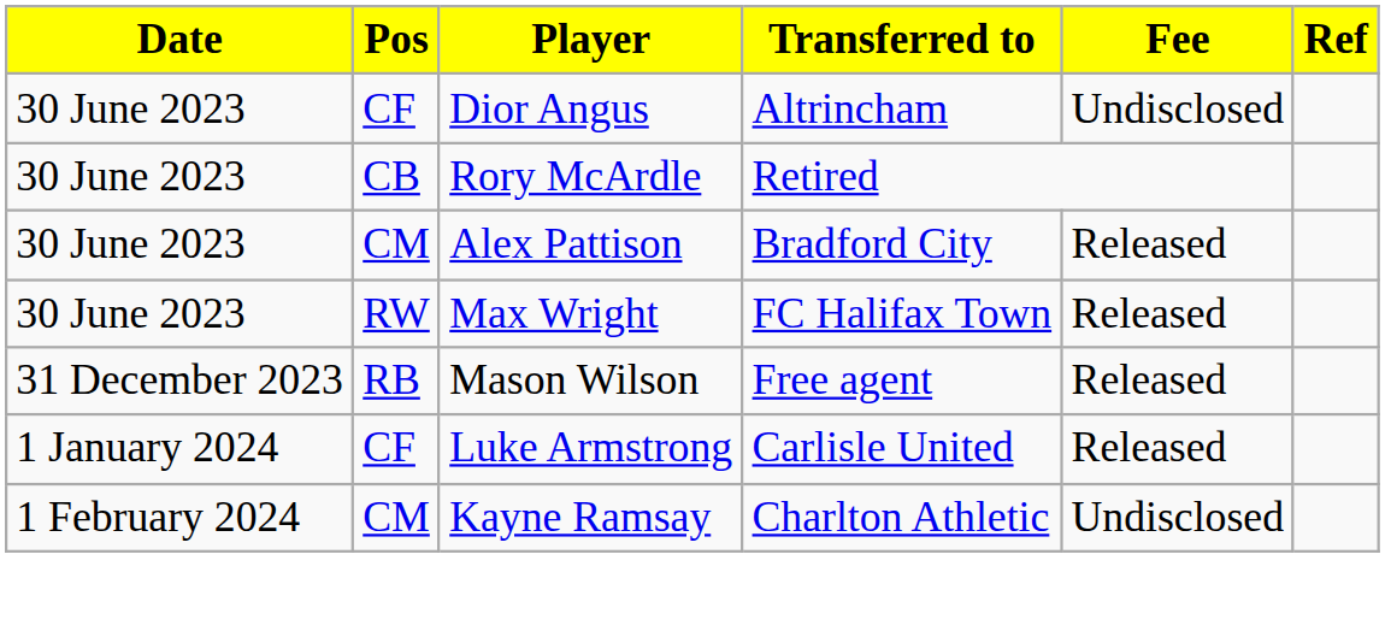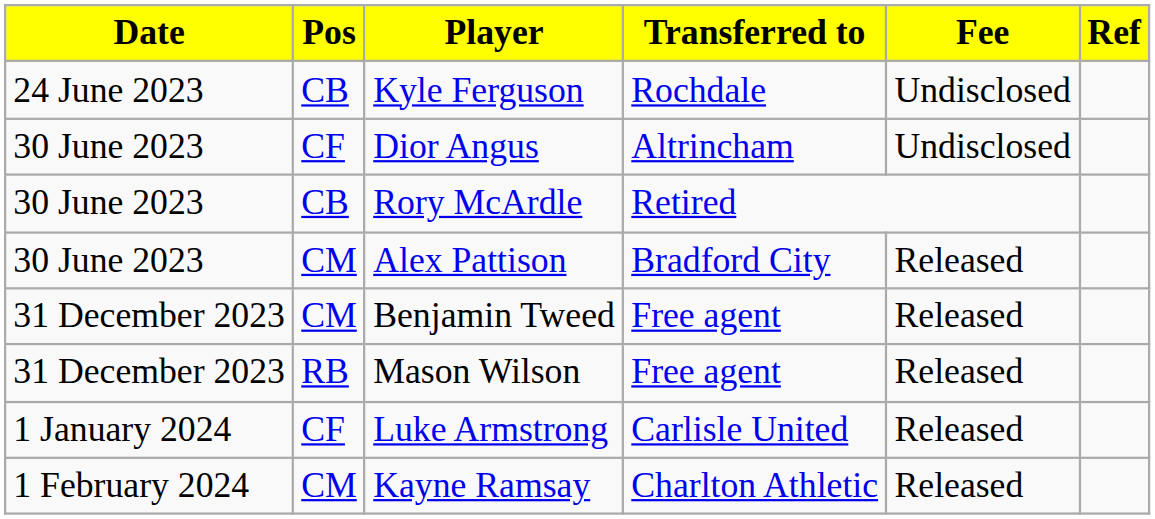 <table class="wikitable plainrowheaders sortable">
 <tr>
 <th style="background: yellow; color: black; ">Date</th>
 <th style="background: yellow; color: black; ">Pos</th>
 <th style="background: yellow; color: black; ">Player</th>
 <th style="background: yellow; color: black; ">Transferred to</th>
 <th style="background: yellow; color: black; ">Fee</th>
 <th style="background: yellow; color: black; ">Ref</th>
+</tr>
+<tr>
+<td>24 June 2023</td>
+<td><a href='#'>CB</a></td>
+<td> <a href='#'>Kyle Ferguson</a></td>
+<td> <a href='#'>Rochdale</a></td>
+<td>Undisclosed</td>
+<td></td>
 </tr>
 <tr>
 <td>30 June 2023</td>
 <td><a href='#'>CF</a></td>
 <td> <a href='#'>Dior Angus</a></td>
 <td> <a href='#'>Altrincham</a></td>
 <td>Undisclosed</td>
 <td></td>
 </tr>
 <tr>
 <td>30 June 2023</td>
 <td><a href='#'>CB</a></td>
 <td> <a href='#'>Rory McArdle</a></td>
 <td colspan="2"> <a href='#'>Retired</a></td>
 <td></td>
 </tr>
 <tr>
 <td>30 June 2023</td>
 <td><a href='#'>CM</a></td>
 <td> <a href='#'>Alex Pattison</a></td>
 <td> <a href='#'>Bradford City</a></td>
 <td>Released</td>
 <td></td>
 </tr>
 <tr>
-<td>30 June 2023</td>
-<td><a href='#'>RW</a></td>
-<td> <a href='#'>Max Wright</a></td>
-<td> <a href='#'>FC Halifax Town</a></td>
+<td>31 December 2023</td>
+<td><a href='#'>CM</a></td>
+<td> Benjamin Tweed</td>
+<td> <a href='#'>Free agent</a></td>
 <td>Released</td>
 <td></td>
 </tr>
 <tr>
 <td>31 December 2023</td>
 <td><a href='#'>RB</a></td>
 <td> Mason Wilson</td>
 <td> <a href='#'>Free agent</a></td>
 <td>Released</td>
 <td></td>
 </tr>
 <tr>
 <td>1 January 2024</td>
 <td><a href='#'>CF</a></td>
 <td> <a href='#'>Luke Armstrong</a></td>
 <td> <a href='#'>Carlisle United</a></td>
 <td>Released</td>
 <td></td>
 </tr>
 <tr>
 <td>1 February 2024</td>
 <td><a href='#'>CM</a></td>
 <td> <a href='#'>Kayne Ramsay</a></td>
 <td> <a href='#'>Charlton Athletic</a></td>
-<td>Undisclosed</td>
+<td>Released</td>
 <td></td>
 </tr>
 </table>
